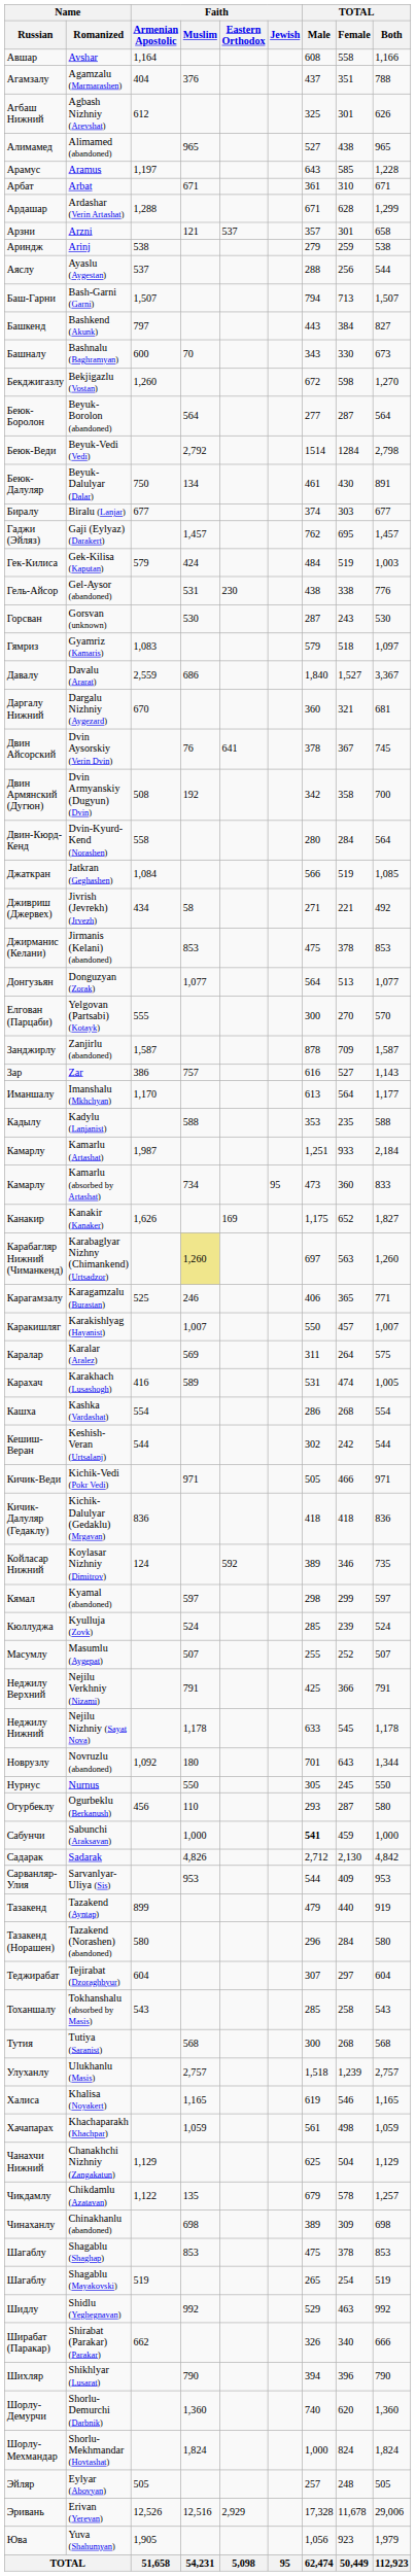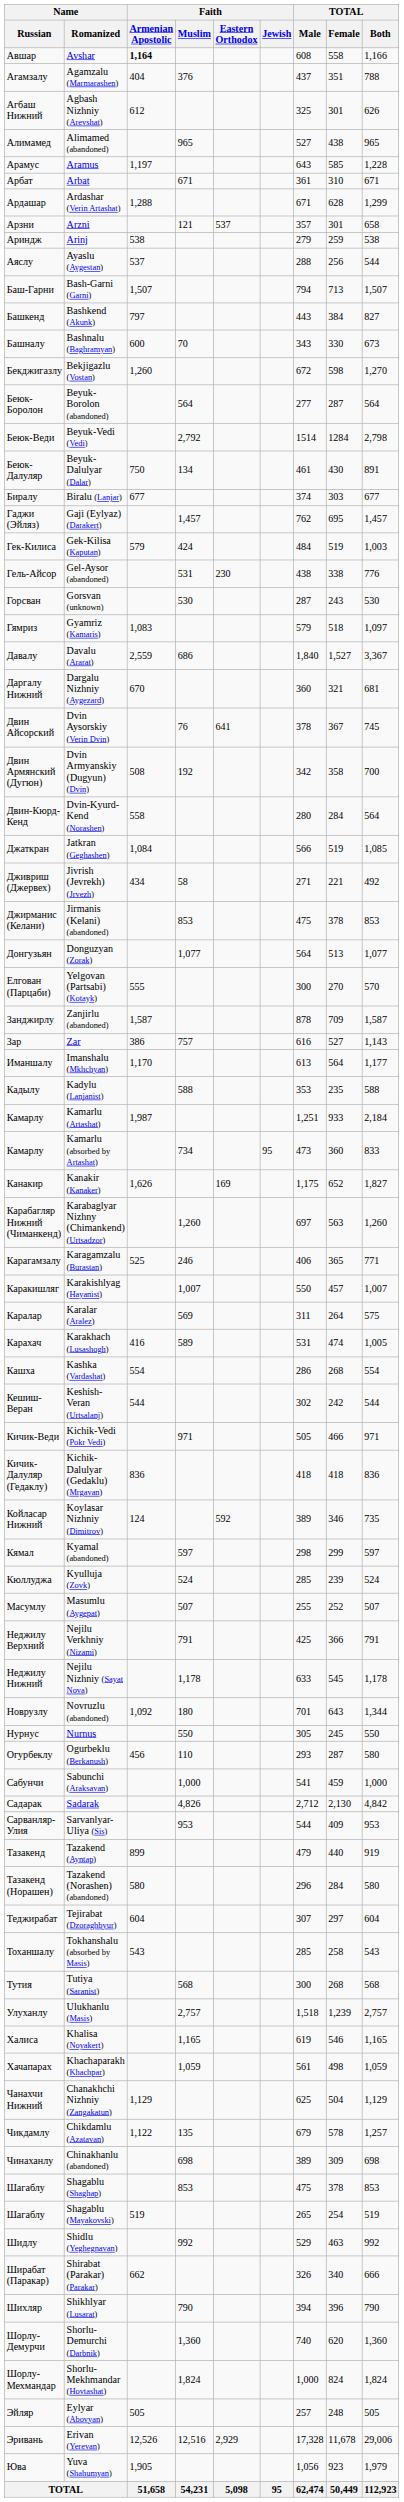 <table class="wikitable sortable">
 <tr>
 <th colspan="2">Name</th>
 <th colspan="4">Faith</th>
 <th colspan="3">TOTAL</th>
 </tr>
 <tr>
 <th>Russian</th>
 <th>Romanized</th>
 <th><a href='#'>Armenian Apostolic</a></th>
 <th><a href='#'>Muslim</a></th>
 <th><a href='#'>Eastern Orthodox</a></th>
 <th><a href='#'>Jewish</a></th>
 <th>Male</th>
 <th>Female</th>
 <th>Both</th>
 </tr>
 <tr>
 <td>Авшар</td>
 <td><a href='#'>Avshar</a></td>
-<td>1,164</td>
+<td><strong>1,164</strong></td>
 <td></td>
 <td></td>
 <td></td>
 <td>608</td>
 <td>558</td>
 <td>1,166</td>
 </tr>
 <tr>
 <td>Агамзалу</td>
 <td>Agamzalu <small>(<a href='#'>Marmarashen</a>)</small></td>
 <td>404</td>
 <td>376</td>
 <td></td>
 <td></td>
 <td>437</td>
 <td>351</td>
 <td>788</td>
 </tr>
 <tr>
 <td>Агбаш Нижний</td>
 <td>Agbash Nizhniy <small>(<a href='#'>Arevshat</a>)</small></td>
 <td>612</td>
 <td></td>
 <td></td>
 <td></td>
 <td>325</td>
 <td>301</td>
 <td>626</td>
 </tr>
 <tr>
 <td>Алимамед</td>
 <td>Alimamed <small>(abandoned)</small></td>
 <td></td>
 <td>965</td>
 <td></td>
 <td></td>
 <td>527</td>
 <td>438</td>
 <td>965</td>
 </tr>
 <tr>
 <td>Арамус</td>
 <td><a href='#'>Aramus</a></td>
 <td>1,197</td>
 <td></td>
 <td></td>
 <td></td>
 <td>643</td>
 <td>585</td>
 <td>1,228</td>
 </tr>
 <tr>
 <td>Арбат</td>
 <td><a href='#'>Arbat</a></td>
 <td></td>
 <td>671</td>
 <td></td>
 <td></td>
 <td>361</td>
 <td>310</td>
 <td>671</td>
 </tr>
 <tr>
 <td>Ардашар</td>
 <td>Ardashar <small>(<a href='#'>Verin Artashat</a>)</small></td>
 <td>1,288</td>
 <td></td>
 <td></td>
 <td></td>
 <td>671</td>
 <td>628</td>
 <td>1,299</td>
 </tr>
 <tr>
 <td>Арзни</td>
 <td><a href='#'>Arzni</a></td>
 <td></td>
 <td>121</td>
 <td>537</td>
 <td></td>
 <td>357</td>
 <td>301</td>
 <td>658</td>
 </tr>
 <tr>
 <td>Ариндж</td>
 <td><a href='#'>Arinj</a></td>
 <td>538</td>
 <td></td>
 <td></td>
 <td></td>
 <td>279</td>
 <td>259</td>
 <td>538</td>
 </tr>
 <tr>
 <td>Аяслу</td>
 <td>Ayaslu <small>(<a href='#'>Aygestan</a>)</small></td>
 <td>537</td>
 <td></td>
 <td></td>
 <td></td>
 <td>288</td>
 <td>256</td>
 <td>544</td>
 </tr>
 <tr>
 <td>Баш-Гарни</td>
 <td>Bash-Garni <small>(<a href='#'>Garni</a>)</small></td>
 <td>1,507</td>
 <td></td>
 <td></td>
 <td></td>
 <td>794</td>
 <td>713</td>
 <td>1,507</td>
 </tr>
 <tr>
 <td>Башкенд</td>
 <td>Bashkend <small>(<a href='#'>Akunk</a>)</small></td>
 <td>797</td>
 <td></td>
 <td></td>
 <td></td>
 <td>443</td>
 <td>384</td>
 <td>827</td>
 </tr>
 <tr>
 <td>Башналу</td>
 <td>Bashnalu <small>(<a href='#'>Baghramyan</a>)</small></td>
 <td>600</td>
 <td>70</td>
 <td></td>
 <td></td>
 <td>343</td>
 <td>330</td>
 <td>673</td>
 </tr>
 <tr>
 <td>Бекджигазлу</td>
 <td>Bekjigazlu <small>(<a href='#'>Vostan</a>)</small></td>
 <td>1,260</td>
 <td></td>
 <td></td>
 <td></td>
 <td>672</td>
 <td>598</td>
 <td>1,270</td>
 </tr>
 <tr>
 <td>Беюк-Боролон</td>
 <td>Beyuk-Borolon <small>(abandoned)</small></td>
 <td></td>
 <td>564</td>
 <td></td>
 <td></td>
 <td>277</td>
 <td>287</td>
 <td>564</td>
 </tr>
 <tr>
 <td>Беюк-Веди</td>
 <td>Beyuk-Vedi <small>(<a href='#'>Vedi</a>)</small></td>
 <td></td>
 <td>2,792</td>
 <td></td>
 <td></td>
 <td>1514</td>
 <td>1284</td>
 <td>2,798</td>
 </tr>
 <tr>
 <td>Беюк-Далуляр</td>
 <td>Beyuk-Dalulyar <small>(<a href='#'>Dalar</a>)</small></td>
 <td>750</td>
 <td>134</td>
 <td></td>
 <td></td>
 <td>461</td>
 <td>430</td>
 <td>891</td>
 </tr>
 <tr>
 <td>Биралу</td>
 <td>Biralu <small>(<a href='#'>Lanjar</a>)</small></td>
 <td>677</td>
 <td></td>
 <td></td>
 <td></td>
 <td>374</td>
 <td>303</td>
 <td>677</td>
 </tr>
 <tr>
 <td>Гаджи (Эйляз)</td>
 <td>Gaji (Eylyaz) <small>(<a href='#'>Darakert</a>)</small></td>
 <td></td>
 <td>1,457</td>
 <td></td>
 <td></td>
 <td>762</td>
 <td>695</td>
 <td>1,457</td>
 </tr>
 <tr>
 <td>Гек-Килиса</td>
 <td>Gek-Kilisa <small>(<a href='#'>Kaputan</a>)</small></td>
 <td>579</td>
 <td>424</td>
 <td></td>
 <td></td>
 <td>484</td>
 <td>519</td>
 <td>1,003</td>
 </tr>
 <tr>
 <td>Гель-Айсор</td>
 <td>Gel-Aysor <small>(abandoned)</small></td>
 <td></td>
 <td>531</td>
 <td>230</td>
 <td></td>
 <td>438</td>
 <td>338</td>
 <td>776</td>
 </tr>
 <tr>
 <td>Горсван</td>
 <td>Gorsvan <small>(unknown)</small></td>
 <td></td>
 <td>530</td>
 <td></td>
 <td></td>
 <td>287</td>
 <td>243</td>
 <td>530</td>
 </tr>
 <tr>
 <td>Гямриз</td>
 <td>Gyamriz <small>(<a href='#'>Kamaris</a>)</small></td>
 <td>1,083</td>
 <td></td>
 <td></td>
 <td></td>
 <td>579</td>
 <td>518</td>
 <td>1,097</td>
 </tr>
 <tr>
 <td>Давалу</td>
 <td>Davalu <small>(<a href='#'>Ararat</a>)</small></td>
 <td>2,559</td>
 <td>686</td>
 <td></td>
 <td></td>
 <td>1,840</td>
 <td>1,527</td>
 <td>3,367</td>
 </tr>
 <tr>
 <td>Даргалу Нижний</td>
 <td>Dargalu Nizhniy <small>(<a href='#'>Aygezard</a>)</small></td>
 <td>670</td>
 <td></td>
 <td></td>
 <td></td>
 <td>360</td>
 <td>321</td>
 <td>681</td>
 </tr>
 <tr>
 <td>Двин Айсорский</td>
 <td>Dvin Aysorskiy <small>(<a href='#'>Verin Dvin</a>)</small></td>
 <td></td>
 <td>76</td>
 <td>641</td>
 <td></td>
 <td>378</td>
 <td>367</td>
 <td>745</td>
 </tr>
 <tr>
 <td>Двин Армянский (Дугюн)</td>
 <td>Dvin Armyanskiy (Dugyun) <small>(<a href='#'>Dvin</a>)</small></td>
 <td>508</td>
 <td>192</td>
 <td></td>
 <td></td>
 <td>342</td>
 <td>358</td>
 <td>700</td>
 </tr>
 <tr>
 <td>Двин-Кюрд-Кенд</td>
 <td>Dvin-Kyurd-Kend <small>(<a href='#'>Norashen</a>)</small></td>
 <td>558</td>
 <td></td>
 <td></td>
 <td></td>
 <td>280</td>
 <td>284</td>
 <td>564</td>
 </tr>
 <tr>
 <td>Джаткран</td>
 <td>Jatkran <small>(<a href='#'>Geghashen</a>)</small></td>
 <td>1,084</td>
 <td></td>
 <td></td>
 <td></td>
 <td>566</td>
 <td>519</td>
 <td>1,085</td>
 </tr>
 <tr>
 <td>Дживриш (Джервех)</td>
 <td>Jivrish (Jevrekh) <small>(<a href='#'>Jrvezh</a>)</small></td>
 <td>434</td>
 <td>58</td>
 <td></td>
 <td></td>
 <td>271</td>
 <td>221</td>
 <td>492</td>
 </tr>
 <tr>
 <td>Джирманис (Келани)</td>
 <td>Jirmanis (Kelani) <small>(abandoned)</small></td>
 <td></td>
 <td>853</td>
 <td></td>
 <td></td>
 <td>475</td>
 <td>378</td>
 <td>853</td>
 </tr>
 <tr>
 <td>Донгузьян</td>
 <td>Donguzyan <small>(<a href='#'>Zorak</a>)</small></td>
 <td></td>
 <td>1,077</td>
 <td></td>
 <td></td>
 <td>564</td>
 <td>513</td>
 <td>1,077</td>
 </tr>
 <tr>
 <td>Елгован (Парцаби)</td>
 <td>Yelgovan (Partsabi) <small>(<a href='#'>Kotayk</a>)</small></td>
 <td>555</td>
 <td></td>
 <td></td>
 <td></td>
 <td>300</td>
 <td>270</td>
 <td>570</td>
 </tr>
 <tr>
 <td>Занджирлу</td>
 <td>Zanjirlu <small>(abandoned)</small></td>
 <td>1,587</td>
 <td></td>
 <td></td>
 <td></td>
 <td>878</td>
 <td>709</td>
 <td>1,587</td>
 </tr>
 <tr>
 <td>Зар</td>
 <td><a href='#'>Zar</a></td>
 <td>386</td>
 <td>757</td>
 <td></td>
 <td></td>
 <td>616</td>
 <td>527</td>
 <td>1,143</td>
 </tr>
 <tr>
 <td>Иманшалу</td>
 <td>Imanshalu <small>(<a href='#'>Mkhchyan</a>)</small></td>
 <td>1,170</td>
 <td></td>
 <td></td>
 <td></td>
 <td>613</td>
 <td>564</td>
 <td>1,177</td>
 </tr>
 <tr>
 <td>Кадылу</td>
 <td>Kadylu <small>(<a href='#'>Lanjanist</a>)</small></td>
 <td></td>
 <td>588</td>
 <td></td>
 <td></td>
 <td>353</td>
 <td>235</td>
 <td>588</td>
 </tr>
 <tr>
 <td>Камарлу</td>
 <td>Kamarlu <small>(<a href='#'>Artashat</a>)</small></td>
 <td>1,987</td>
 <td></td>
 <td></td>
 <td></td>
 <td>1,251</td>
 <td>933</td>
 <td>2,184</td>
 </tr>
 <tr>
 <td>Камарлу</td>
 <td>Kamarlu <small>(absorbed by <a href='#'>Artashat</a>)</small></td>
 <td></td>
 <td>734</td>
 <td></td>
 <td>95</td>
 <td>473</td>
 <td>360</td>
 <td>833</td>
 </tr>
 <tr>
 <td>Канакир</td>
 <td>Kanakir <small>(<a href='#'>Kanaker</a>)</small></td>
 <td>1,626</td>
 <td></td>
 <td>169</td>
 <td></td>
 <td>1,175</td>
 <td>652</td>
 <td>1,827</td>
 </tr>
 <tr>
 <td>Карабагляр Нижний (Чиманкенд)</td>
 <td>Karabaglyar Nizhny (Chimankend) <small>(<a href='#'>Urtsadzor</a>)</small></td>
 <td></td>
-<td style="background: khaki;">1,260</td>
+<td>1,260</td>
 <td></td>
 <td></td>
 <td>697</td>
 <td>563</td>
 <td>1,260</td>
 </tr>
 <tr>
 <td>Карагамзалу</td>
 <td>Karagamzalu <small>(<a href='#'>Burastan</a>)</small></td>
 <td>525</td>
 <td>246</td>
 <td></td>
 <td></td>
 <td>406</td>
 <td>365</td>
 <td>771</td>
 </tr>
 <tr>
 <td>Каракишляг</td>
 <td>Karakishlyag <small>(<a href='#'>Hayanist</a>)</small></td>
 <td></td>
 <td>1,007</td>
 <td></td>
 <td></td>
 <td>550</td>
 <td>457</td>
 <td>1,007</td>
 </tr>
 <tr>
 <td>Каралар</td>
 <td>Karalar <small>(<a href='#'>Aralez</a>)</small></td>
 <td></td>
 <td>569</td>
 <td></td>
 <td></td>
 <td>311</td>
 <td>264</td>
 <td>575</td>
 </tr>
 <tr>
 <td>Карахач</td>
 <td>Karakhach <small>(<a href='#'>Lusashogh</a>)</small></td>
 <td>416</td>
 <td>589</td>
 <td></td>
 <td></td>
 <td>531</td>
 <td>474</td>
 <td>1,005</td>
 </tr>
 <tr>
 <td>Кашха</td>
 <td>Kashka <small>(<a href='#'>Vardashat</a>)</small></td>
 <td>554</td>
 <td></td>
 <td></td>
 <td></td>
 <td>286</td>
 <td>268</td>
 <td>554</td>
 </tr>
 <tr>
 <td>Кешиш-Веран</td>
 <td>Keshish-Veran <small>(<a href='#'>Urtsalanj</a>)</small></td>
 <td>544</td>
 <td></td>
 <td></td>
 <td></td>
 <td>302</td>
 <td>242</td>
 <td>544</td>
 </tr>
 <tr>
 <td>Кичик-Веди</td>
 <td>Kichik-Vedi <small>(<a href='#'>Pokr Vedi</a>)</small></td>
 <td></td>
 <td>971</td>
 <td></td>
 <td></td>
 <td>505</td>
 <td>466</td>
 <td>971</td>
 </tr>
 <tr>
 <td>Кичик-Далуляр (Гедаклу)</td>
 <td>Kichik-Dalulyar (Gedaklu) <small>(<a href='#'>Mrgavan</a>)</small></td>
 <td>836</td>
 <td></td>
 <td></td>
 <td></td>
 <td>418</td>
 <td>418</td>
 <td>836</td>
 </tr>
 <tr>
 <td>Койласар Нижний</td>
 <td>Koylasar Nizhniy <small>(<a href='#'>Dimitrov</a>)</small></td>
 <td>124</td>
 <td></td>
 <td>592</td>
 <td></td>
 <td>389</td>
 <td>346</td>
 <td>735</td>
 </tr>
 <tr>
 <td>Кямал</td>
 <td>Kyamal <small>(abandoned)</small></td>
 <td></td>
 <td>597</td>
 <td></td>
 <td></td>
 <td>298</td>
 <td>299</td>
 <td>597</td>
 </tr>
 <tr>
 <td>Кюллуджа</td>
 <td>Kyulluja <small>(<a href='#'>Zovk</a>)</small></td>
 <td></td>
 <td>524</td>
 <td></td>
 <td></td>
 <td>285</td>
 <td>239</td>
 <td>524</td>
 </tr>
 <tr>
 <td>Масумлу</td>
 <td>Masumlu <small>(<a href='#'>Aygepat</a>)</small></td>
 <td></td>
 <td>507</td>
 <td></td>
 <td></td>
 <td>255</td>
 <td>252</td>
 <td>507</td>
 </tr>
 <tr>
 <td>Неджилу Верхний</td>
 <td>Nejilu Verkhniy <small>(<a href='#'>Nizami</a>)</small></td>
 <td></td>
 <td>791</td>
 <td></td>
 <td></td>
 <td>425</td>
 <td>366</td>
 <td>791</td>
 </tr>
 <tr>
 <td>Неджилу Нижний</td>
 <td>Nejilu Nizhniy <small>(<a href='#'>Sayat Nova</a>)</small></td>
 <td></td>
 <td>1,178</td>
 <td></td>
 <td></td>
 <td>633</td>
 <td>545</td>
 <td>1,178</td>
 </tr>
 <tr>
 <td>Новрузлу</td>
 <td>Novruzlu <small>(abandoned)</small></td>
 <td>1,092</td>
 <td>180</td>
 <td></td>
 <td></td>
 <td>701</td>
 <td>643</td>
 <td>1,344</td>
 </tr>
 <tr>
 <td>Нурнус</td>
 <td><a href='#'>Nurnus</a></td>
 <td></td>
 <td>550</td>
 <td></td>
 <td></td>
 <td>305</td>
 <td>245</td>
 <td>550</td>
 </tr>
 <tr>
 <td>Огурбеклу</td>
 <td>Ogurbeklu <small>(<a href='#'>Berkanush</a>)</small></td>
 <td>456</td>
 <td>110</td>
 <td></td>
 <td></td>
 <td>293</td>
 <td>287</td>
 <td>580</td>
 </tr>
 <tr>
 <td>Сабунчи</td>
 <td>Sabunchi <small>(<a href='#'>Araksavan</a>)</small></td>
 <td></td>
 <td>1,000</td>
 <td></td>
 <td></td>
-<td><strong>541</strong></td>
+<td>541</td>
 <td>459</td>
 <td>1,000</td>
 </tr>
 <tr>
 <td>Садарак</td>
 <td><a href='#'>Sadarak</a></td>
 <td></td>
 <td>4,826</td>
 <td></td>
 <td></td>
 <td>2,712</td>
 <td>2,130</td>
 <td>4,842</td>
 </tr>
 <tr>
 <td>Сарванляр-Улия</td>
 <td>Sarvanlyar-Uliya <small>(<a href='#'>Sis</a>)</small></td>
 <td></td>
 <td>953</td>
 <td></td>
 <td></td>
 <td>544</td>
 <td>409</td>
 <td>953</td>
 </tr>
 <tr>
 <td>Тазакенд</td>
 <td>Tazakend <small>(<a href='#'>Ayntap</a>)</small></td>
 <td>899</td>
 <td></td>
 <td></td>
 <td></td>
 <td>479</td>
 <td>440</td>
 <td>919</td>
 </tr>
 <tr>
 <td>Тазакенд (Норашен)</td>
 <td>Tazakend (Norashen) <small>(abandoned)</small></td>
 <td>580</td>
 <td></td>
 <td></td>
 <td></td>
 <td>296</td>
 <td>284</td>
 <td>580</td>
 </tr>
 <tr>
 <td>Теджирабат</td>
 <td>Tejirabat <small>(<a href='#'>Dzoraghbyur</a>)</small></td>
 <td>604</td>
 <td></td>
 <td></td>
 <td></td>
 <td>307</td>
 <td>297</td>
 <td>604</td>
 </tr>
 <tr>
 <td>Тоханшалу</td>
 <td>Tokhanshalu <small>(absorbed by <a href='#'>Masis</a>)</small></td>
 <td>543</td>
 <td></td>
 <td></td>
 <td></td>
 <td>285</td>
 <td>258</td>
 <td>543</td>
 </tr>
 <tr>
 <td>Тутия</td>
 <td>Tutiya <small>(<a href='#'>Saranist</a>)</small></td>
 <td></td>
 <td>568</td>
 <td></td>
 <td></td>
 <td>300</td>
 <td>268</td>
 <td>568</td>
 </tr>
 <tr>
 <td>Улуханлу</td>
 <td>Ulukhanlu <small>(<a href='#'>Masis</a>)</small></td>
 <td></td>
 <td>2,757</td>
 <td></td>
 <td></td>
 <td>1,518</td>
 <td>1,239</td>
 <td>2,757</td>
 </tr>
 <tr>
 <td>Халиса</td>
 <td>Khalisa <small>(<a href='#'>Noyakert</a>)</small></td>
 <td></td>
 <td>1,165</td>
 <td></td>
 <td></td>
 <td>619</td>
 <td>546</td>
 <td>1,165</td>
 </tr>
 <tr>
 <td>Хачапарах</td>
 <td>Khachaparakh <small>(<a href='#'>Khachpar</a>)</small></td>
 <td></td>
 <td>1,059</td>
 <td></td>
 <td></td>
 <td>561</td>
 <td>498</td>
 <td>1,059</td>
 </tr>
 <tr>
 <td>Чанахчи Нижний</td>
 <td>Chanakhchi Nizhniy <small>(<a href='#'>Zangakatun</a>)</small></td>
 <td>1,129</td>
 <td></td>
 <td></td>
 <td></td>
 <td>625</td>
 <td>504</td>
 <td>1,129</td>
 </tr>
 <tr>
 <td>Чикдамлу</td>
 <td>Chikdamlu <small>(<a href='#'>Azatavan</a>)</small></td>
 <td>1,122</td>
 <td>135</td>
 <td></td>
 <td></td>
 <td>679</td>
 <td>578</td>
 <td>1,257</td>
 </tr>
 <tr>
 <td>Чинаханлу</td>
 <td>Chinakhanlu <small>(abandoned)</small></td>
 <td></td>
 <td>698</td>
 <td></td>
 <td></td>
 <td>389</td>
 <td>309</td>
 <td>698</td>
 </tr>
 <tr>
 <td>Шагаблу</td>
 <td>Shagablu <small>(<a href='#'>Shaghap</a>)</small></td>
 <td></td>
 <td>853</td>
 <td></td>
 <td></td>
 <td>475</td>
 <td>378</td>
 <td>853</td>
 </tr>
 <tr>
 <td>Шагаблу</td>
 <td>Shagablu <small>(<a href='#'>Mayakovski</a>)</small></td>
 <td>519</td>
 <td></td>
 <td></td>
 <td></td>
 <td>265</td>
 <td>254</td>
 <td>519</td>
 </tr>
 <tr>
 <td>Шидлу</td>
 <td>Shidlu <small>(<a href='#'>Yeghegnavan</a>)</small></td>
 <td></td>
 <td>992</td>
 <td></td>
 <td></td>
 <td>529</td>
 <td>463</td>
 <td>992</td>
 </tr>
 <tr>
 <td>Ширабат (Паракар)</td>
 <td>Shirabat (Parakar) <small>(<a href='#'>Parakar</a>)</small></td>
 <td>662</td>
 <td></td>
 <td></td>
 <td></td>
 <td>326</td>
 <td>340</td>
 <td>666</td>
 </tr>
 <tr>
 <td>Шихляр</td>
 <td>Shikhlyar <small>(<a href='#'>Lusarat</a>)</small></td>
 <td></td>
 <td>790</td>
 <td></td>
 <td></td>
 <td>394</td>
 <td>396</td>
 <td>790</td>
 </tr>
 <tr>
 <td>Шорлу-Демурчи</td>
 <td>Shorlu-Demurchi <small>(<a href='#'>Darbnik</a>)</small></td>
 <td></td>
 <td>1,360</td>
 <td></td>
 <td></td>
 <td>740</td>
 <td>620</td>
 <td>1,360</td>
 </tr>
 <tr>
 <td>Шорлу-Мехмандар</td>
 <td>Shorlu-Mekhmandar <small>(<a href='#'>Hovtashat</a>)</small></td>
 <td></td>
 <td>1,824</td>
 <td></td>
 <td></td>
 <td>1,000</td>
 <td>824</td>
 <td>1,824</td>
 </tr>
 <tr>
 <td>Эйляр</td>
 <td>Eylyar <small>(<a href='#'>Abovyan</a>)</small></td>
 <td>505</td>
 <td></td>
 <td></td>
 <td></td>
 <td>257</td>
 <td>248</td>
 <td>505</td>
 </tr>
 <tr>
 <td>Эривань</td>
 <td>Erivan <small>(<a href='#'>Yerevan</a>)</small></td>
 <td>12,526</td>
 <td>12,516</td>
 <td>2,929</td>
 <td></td>
 <td>17,328</td>
 <td>11,678</td>
 <td>29,006</td>
 </tr>
 <tr>
 <td>Юва</td>
 <td>Yuva <small>(<a href='#'>Shahumyan</a>)</small></td>
 <td>1,905</td>
 <td></td>
 <td></td>
 <td></td>
 <td>1,056</td>
 <td>923</td>
 <td>1,979</td>
 </tr>
 <tr>
 <th colspan="2">TOTAL</th>
 <th>51,658</th>
 <th>54,231</th>
 <th>5,098</th>
 <th>95</th>
 <th>62,474</th>
 <th>50,449</th>
 <th>112,923</th>
 </tr>
 </table>
